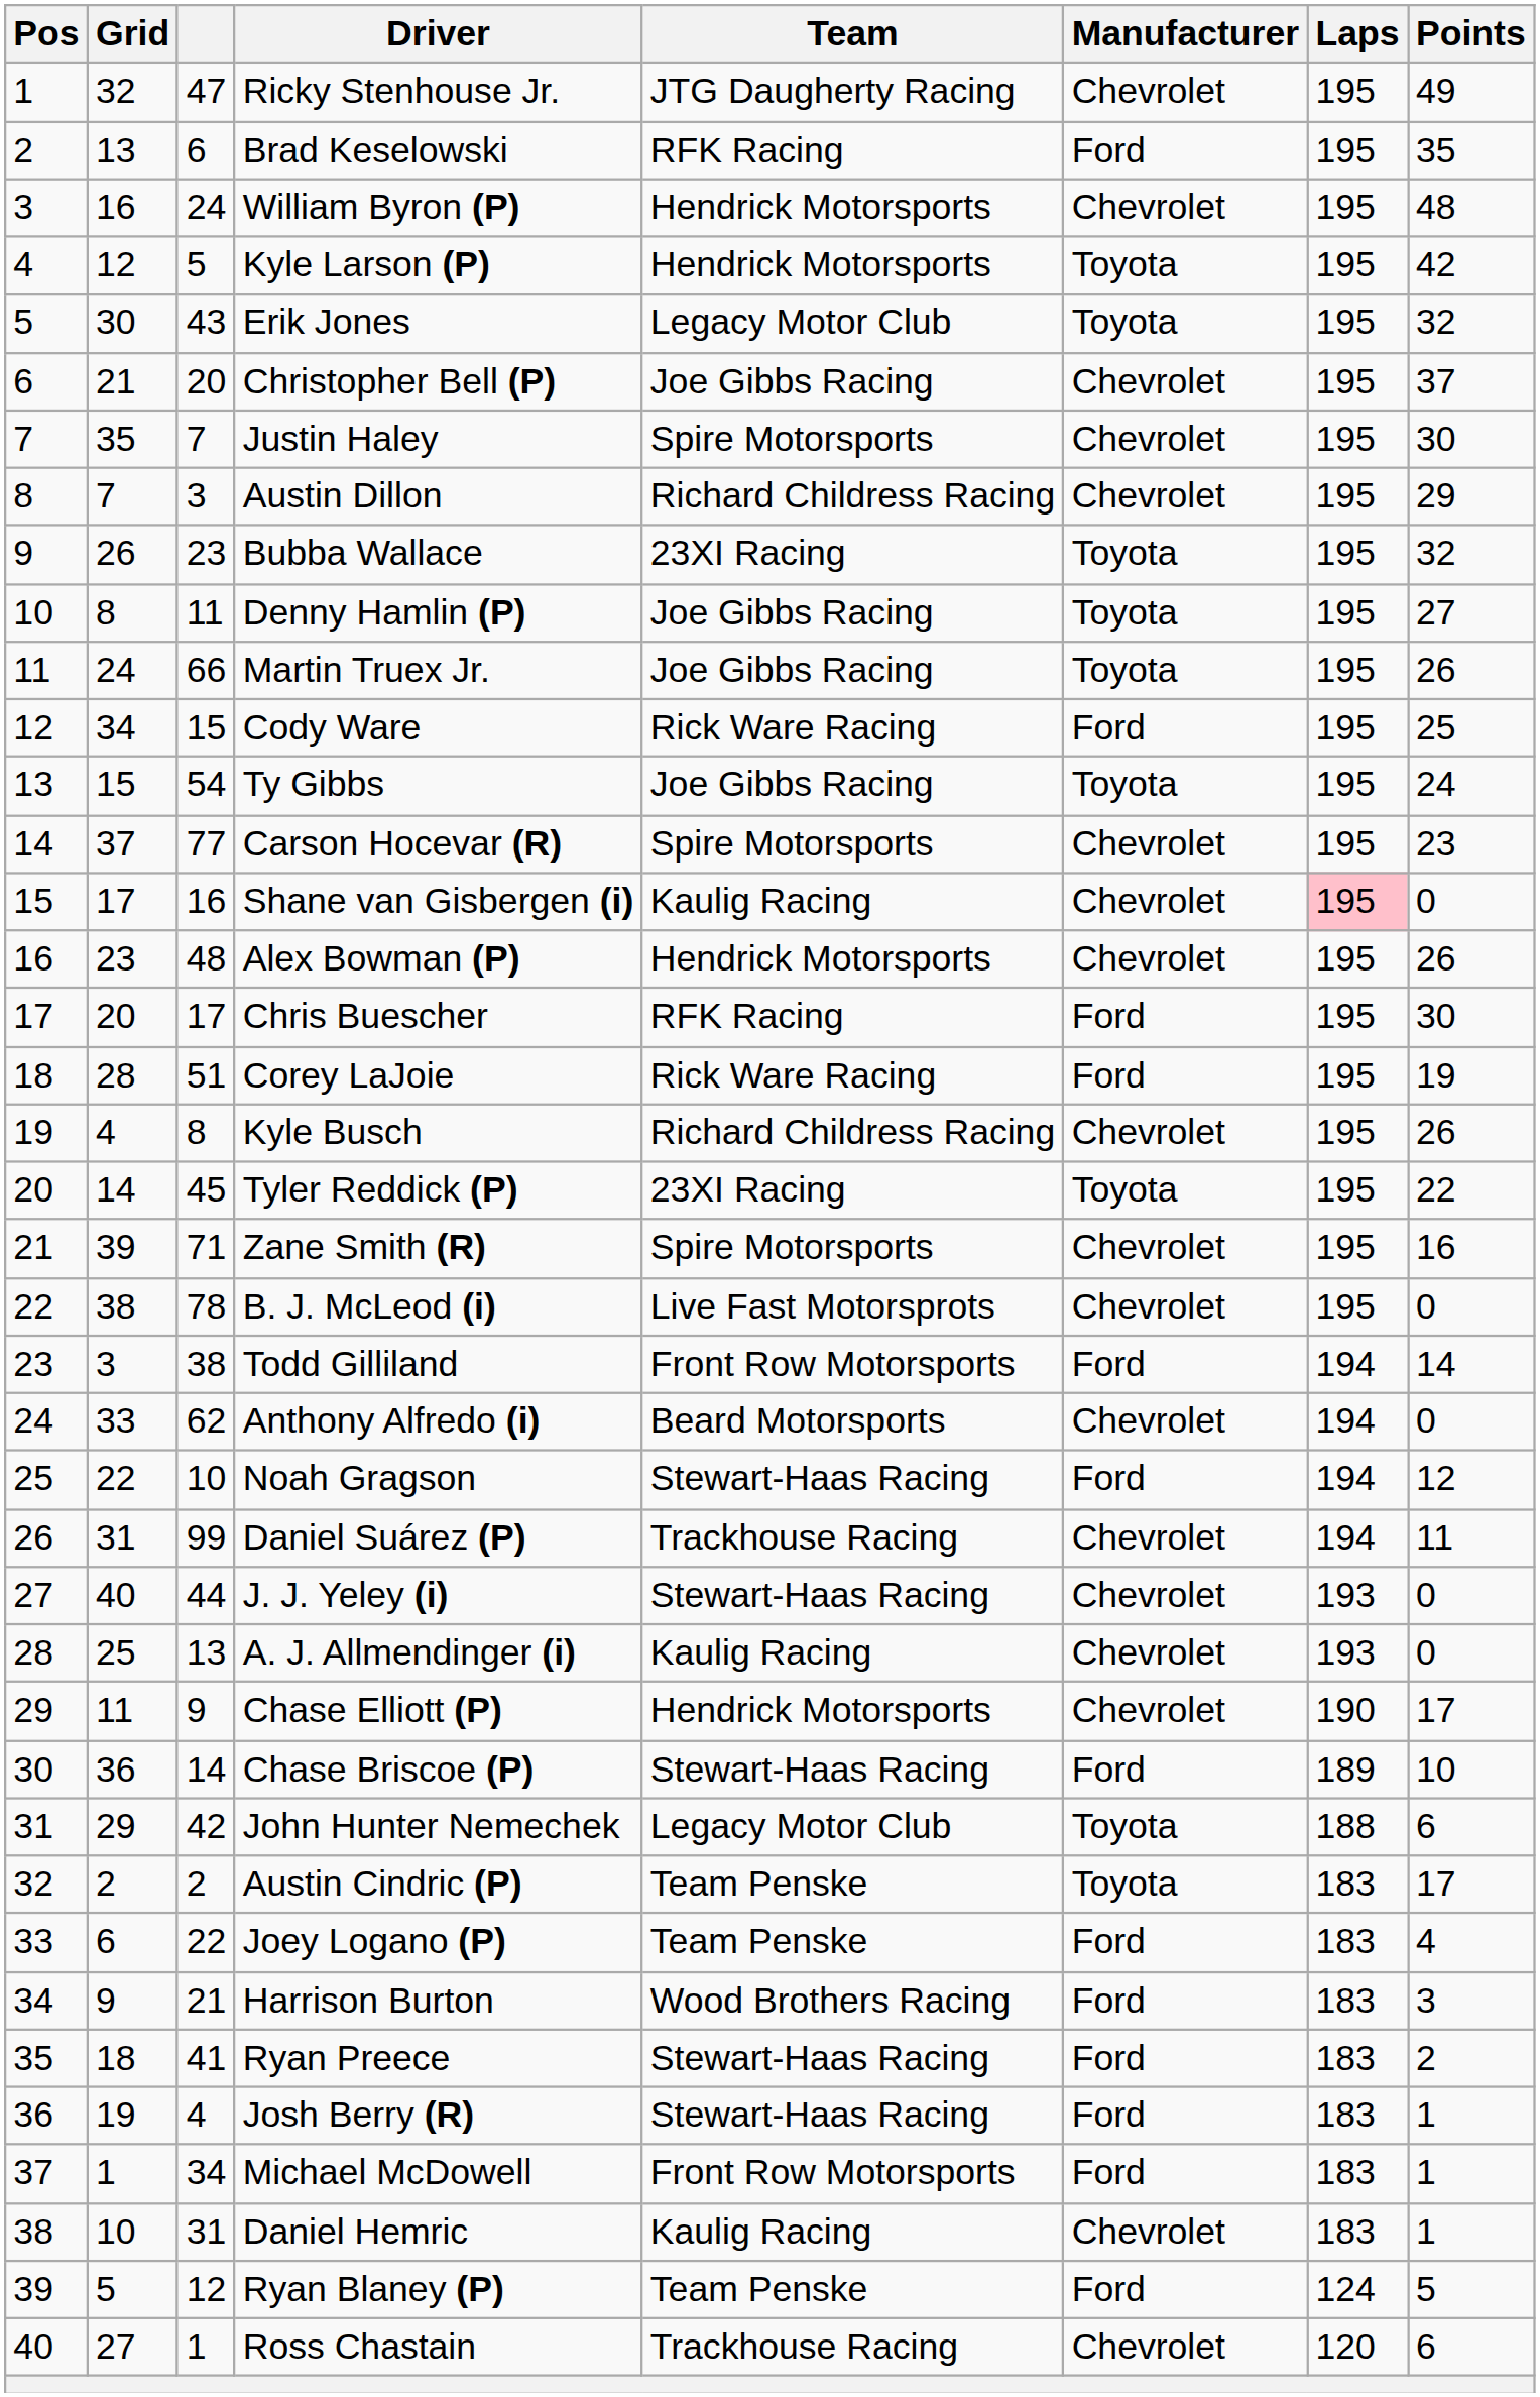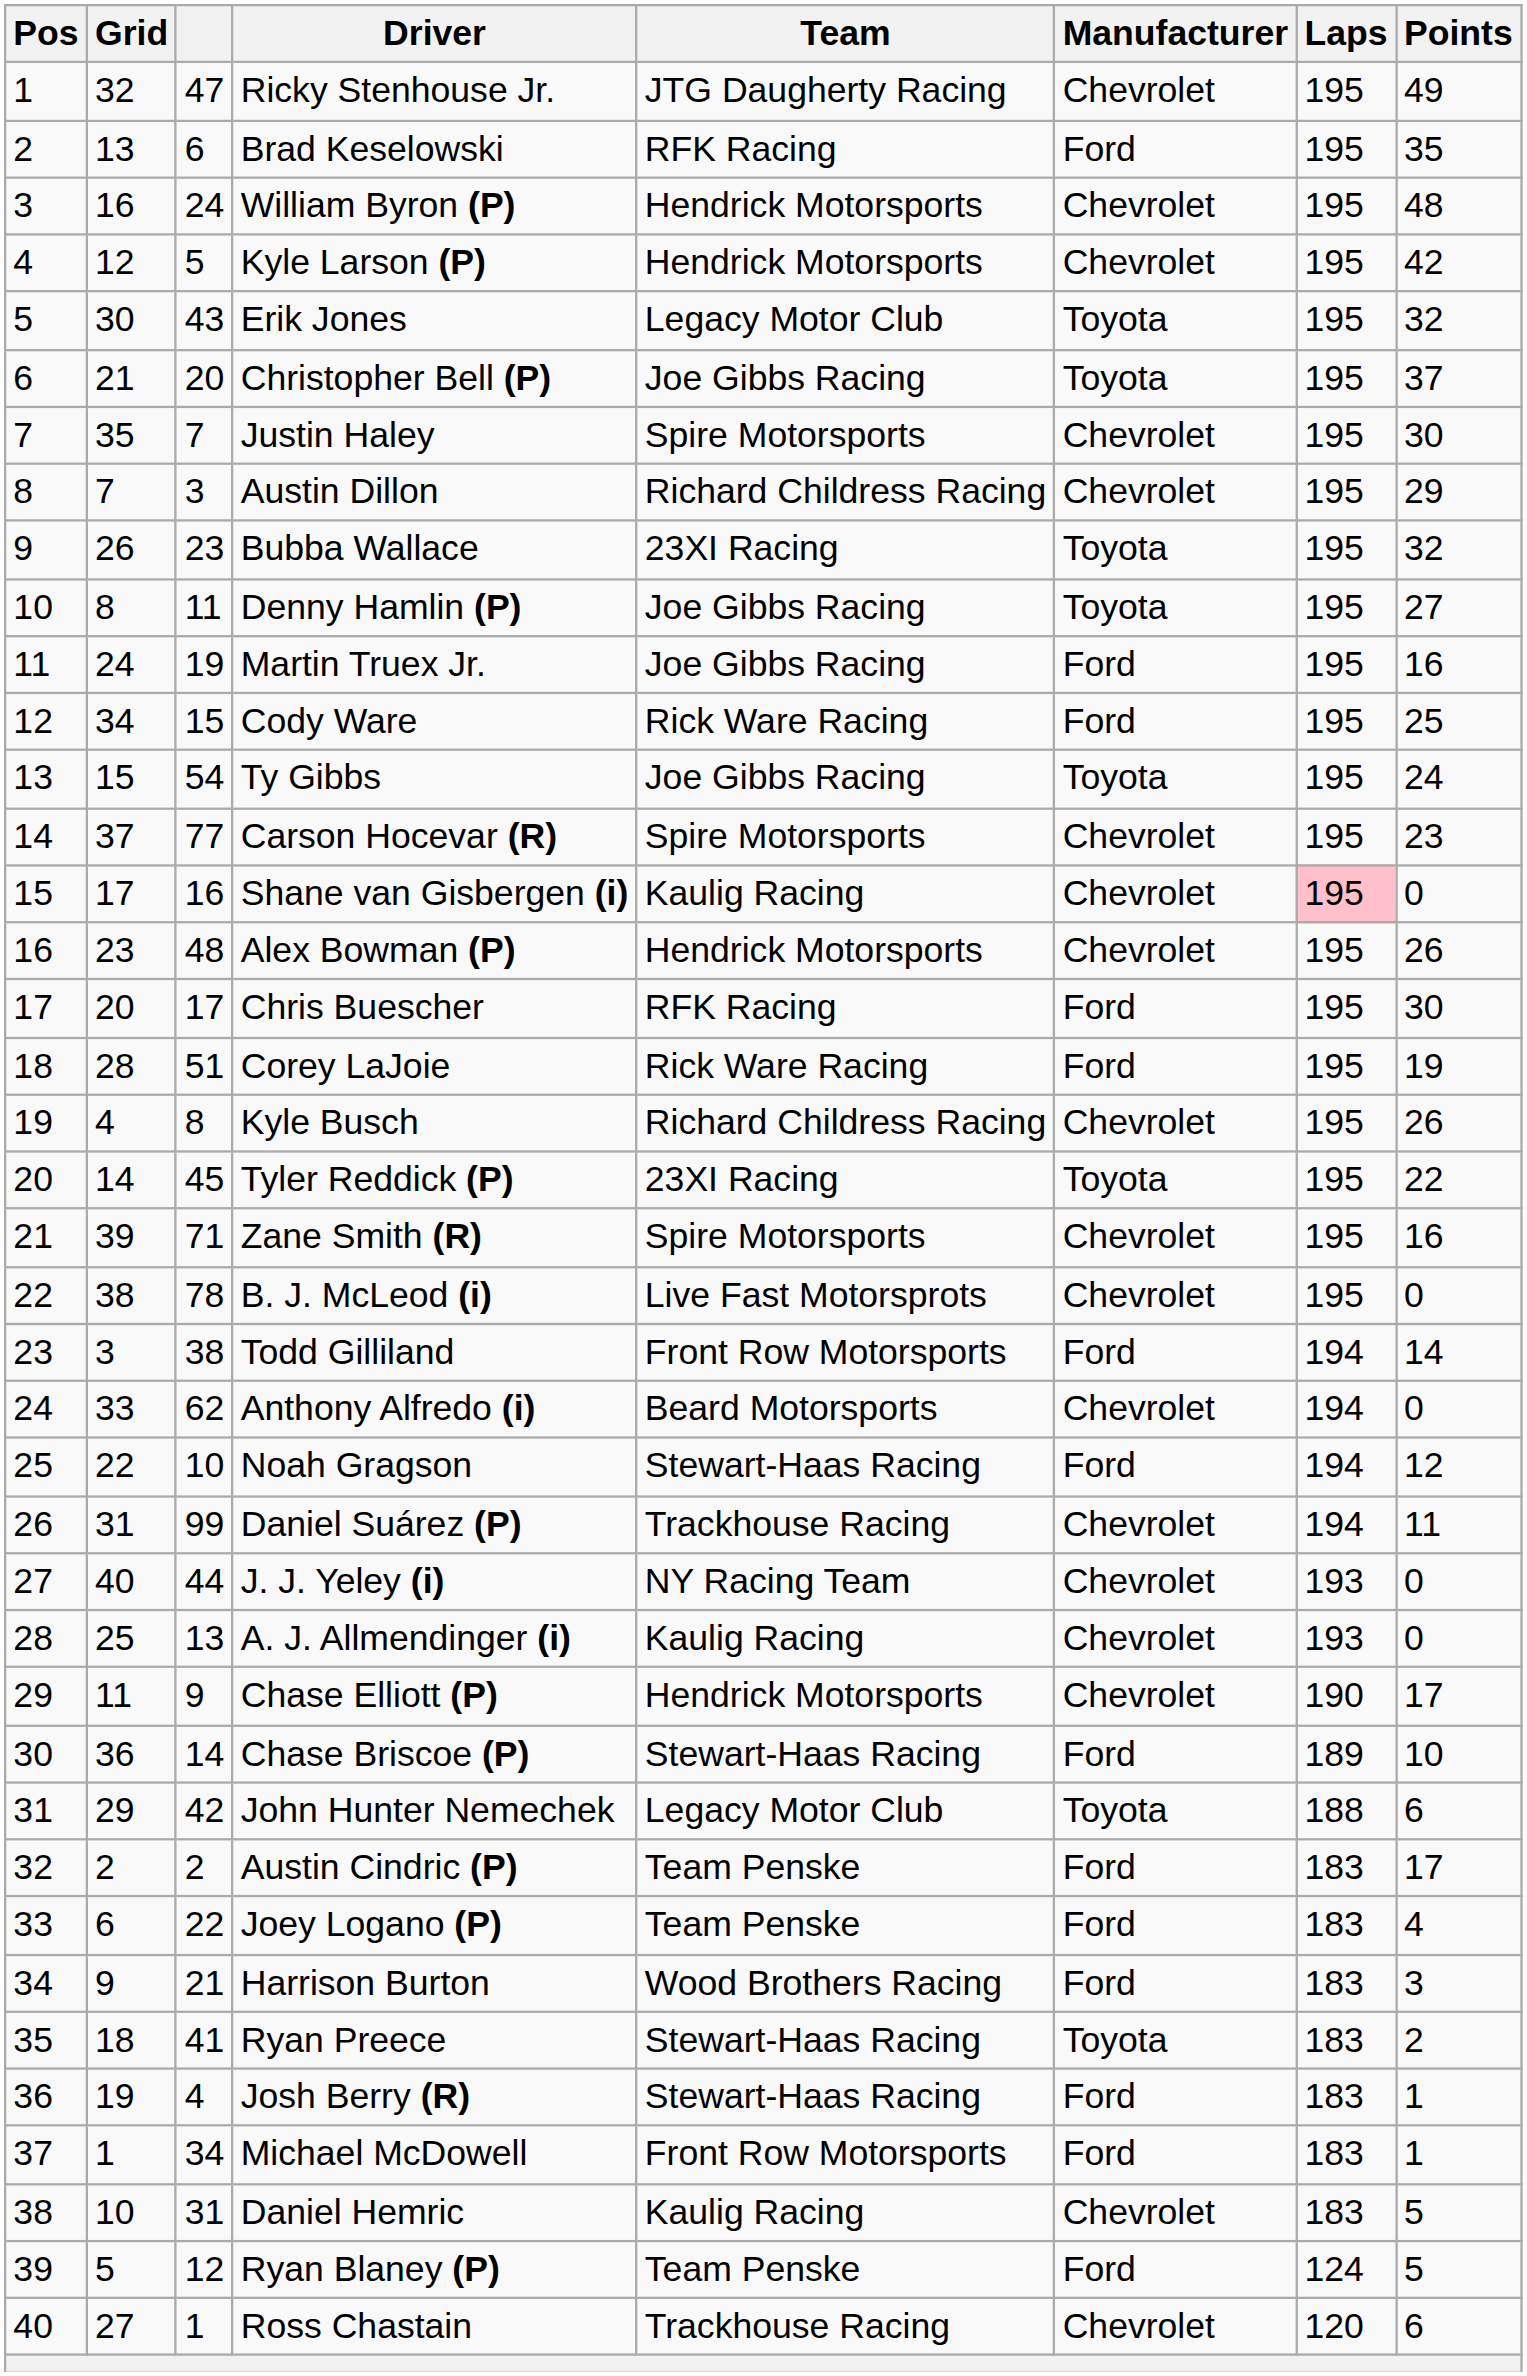 <table class="wikitable" style="font-size:98%">
 <tr>
 <th>Pos</th>
 <th>Grid</th>
 <th></th>
 <th>Driver</th>
 <th>Team</th>
 <th>Manufacturer</th>
 <th>Laps</th>
 <th>Points</th>
 </tr>
 <tr>
 <td>1</td>
 <td>32</td>
 <td>47</td>
 <td>Ricky Stenhouse Jr.</td>
 <td>JTG Daugherty Racing</td>
 <td>Chevrolet</td>
 <td>195</td>
 <td>49</td>
 </tr>
 <tr>
 <td>2</td>
 <td>13</td>
 <td>6</td>
 <td>Brad Keselowski</td>
 <td>RFK Racing</td>
 <td>Ford</td>
 <td>195</td>
 <td>35</td>
 </tr>
 <tr>
 <td>3</td>
 <td>16</td>
 <td>24</td>
 <td>William Byron <strong>(P)</strong></td>
 <td>Hendrick Motorsports</td>
 <td>Chevrolet</td>
 <td>195</td>
 <td>48</td>
 </tr>
 <tr>
 <td>4</td>
 <td>12</td>
 <td>5</td>
 <td>Kyle Larson <strong>(P)</strong></td>
 <td>Hendrick Motorsports</td>
-<td>Toyota</td>
+<td>Chevrolet</td>
 <td>195</td>
 <td>42</td>
 </tr>
 <tr>
 <td>5</td>
 <td>30</td>
 <td>43</td>
 <td>Erik Jones</td>
 <td>Legacy Motor Club</td>
 <td>Toyota</td>
 <td>195</td>
 <td>32</td>
 </tr>
 <tr>
 <td>6</td>
 <td>21</td>
 <td>20</td>
 <td>Christopher Bell <strong>(P)</strong></td>
 <td>Joe Gibbs Racing</td>
-<td>Chevrolet</td>
+<td>Toyota</td>
 <td>195</td>
 <td>37</td>
 </tr>
 <tr>
 <td>7</td>
 <td>35</td>
 <td>7</td>
 <td>Justin Haley</td>
 <td>Spire Motorsports</td>
 <td>Chevrolet</td>
 <td>195</td>
 <td>30</td>
 </tr>
 <tr>
 <td>8</td>
 <td>7</td>
 <td>3</td>
 <td>Austin Dillon</td>
 <td>Richard Childress Racing</td>
 <td>Chevrolet</td>
 <td>195</td>
 <td>29</td>
 </tr>
 <tr>
 <td>9</td>
 <td>26</td>
 <td>23</td>
 <td>Bubba Wallace</td>
 <td>23XI Racing</td>
 <td>Toyota</td>
 <td>195</td>
 <td>32</td>
 </tr>
 <tr>
 <td>10</td>
 <td>8</td>
 <td>11</td>
 <td>Denny Hamlin <strong>(P)</strong></td>
 <td>Joe Gibbs Racing</td>
 <td>Toyota</td>
 <td>195</td>
 <td>27</td>
 </tr>
 <tr>
 <td>11</td>
 <td>24</td>
-<td>66</td>
+<td>19</td>
 <td>Martin Truex Jr.</td>
 <td>Joe Gibbs Racing</td>
-<td>Toyota</td>
+<td>Ford</td>
 <td>195</td>
-<td>26</td>
+<td>16</td>
 </tr>
 <tr>
 <td>12</td>
 <td>34</td>
 <td>15</td>
 <td>Cody Ware</td>
 <td>Rick Ware Racing</td>
 <td>Ford</td>
 <td>195</td>
 <td>25</td>
 </tr>
 <tr>
 <td>13</td>
 <td>15</td>
 <td>54</td>
 <td>Ty Gibbs</td>
 <td>Joe Gibbs Racing</td>
 <td>Toyota</td>
 <td>195</td>
 <td>24</td>
 </tr>
 <tr>
 <td>14</td>
 <td>37</td>
 <td>77</td>
 <td>Carson Hocevar <strong>(R)</strong></td>
 <td>Spire Motorsports</td>
 <td>Chevrolet</td>
 <td>195</td>
 <td>23</td>
 </tr>
 <tr>
 <td>15</td>
 <td>17</td>
 <td>16</td>
 <td>Shane van Gisbergen <strong>(i)</strong></td>
 <td>Kaulig Racing</td>
 <td>Chevrolet</td>
 <td style="background: pink;">195</td>
 <td>0</td>
 </tr>
 <tr>
 <td>16</td>
 <td>23</td>
 <td>48</td>
 <td>Alex Bowman <strong>(P)</strong></td>
 <td>Hendrick Motorsports</td>
 <td>Chevrolet</td>
 <td>195</td>
 <td>26</td>
 </tr>
 <tr>
 <td>17</td>
 <td>20</td>
 <td>17</td>
 <td>Chris Buescher</td>
 <td>RFK Racing</td>
 <td>Ford</td>
 <td>195</td>
 <td>30</td>
 </tr>
 <tr>
 <td>18</td>
 <td>28</td>
 <td>51</td>
 <td>Corey LaJoie</td>
 <td>Rick Ware Racing</td>
 <td>Ford</td>
 <td>195</td>
 <td>19</td>
 </tr>
 <tr>
 <td>19</td>
 <td>4</td>
 <td>8</td>
 <td>Kyle Busch</td>
 <td>Richard Childress Racing</td>
 <td>Chevrolet</td>
 <td>195</td>
 <td>26</td>
 </tr>
 <tr>
 <td>20</td>
 <td>14</td>
 <td>45</td>
 <td>Tyler Reddick <strong>(P)</strong></td>
 <td>23XI Racing</td>
 <td>Toyota</td>
 <td>195</td>
 <td>22</td>
 </tr>
 <tr>
 <td>21</td>
 <td>39</td>
 <td>71</td>
 <td>Zane Smith <strong>(R)</strong></td>
 <td>Spire Motorsports</td>
 <td>Chevrolet</td>
 <td>195</td>
 <td>16</td>
 </tr>
 <tr>
 <td>22</td>
 <td>38</td>
 <td>78</td>
 <td>B. J. McLeod <strong>(i)</strong></td>
 <td>Live Fast Motorsprots</td>
 <td>Chevrolet</td>
 <td>195</td>
 <td>0</td>
 </tr>
 <tr>
 <td>23</td>
 <td>3</td>
 <td>38</td>
 <td>Todd Gilliland</td>
 <td>Front Row Motorsports</td>
 <td>Ford</td>
 <td>194</td>
 <td>14</td>
 </tr>
 <tr>
 <td>24</td>
 <td>33</td>
 <td>62</td>
 <td>Anthony Alfredo <strong>(i)</strong></td>
 <td>Beard Motorsports</td>
 <td>Chevrolet</td>
 <td>194</td>
 <td>0</td>
 </tr>
 <tr>
 <td>25</td>
 <td>22</td>
 <td>10</td>
 <td>Noah Gragson</td>
 <td>Stewart-Haas Racing</td>
 <td>Ford</td>
 <td>194</td>
 <td>12</td>
 </tr>
 <tr>
 <td>26</td>
 <td>31</td>
 <td>99</td>
 <td>Daniel Suárez <strong>(P)</strong></td>
 <td>Trackhouse Racing</td>
 <td>Chevrolet</td>
 <td>194</td>
 <td>11</td>
 </tr>
 <tr>
 <td>27</td>
 <td>40</td>
 <td>44</td>
 <td>J. J. Yeley <strong>(i)</strong></td>
-<td>Stewart-Haas Racing</td>
+<td>NY Racing Team</td>
 <td>Chevrolet</td>
 <td>193</td>
 <td>0</td>
 </tr>
 <tr>
 <td>28</td>
 <td>25</td>
 <td>13</td>
 <td>A. J. Allmendinger <strong>(i)</strong></td>
 <td>Kaulig Racing</td>
 <td>Chevrolet</td>
 <td>193</td>
 <td>0</td>
 </tr>
 <tr>
 <td>29</td>
 <td>11</td>
 <td>9</td>
 <td>Chase Elliott <strong>(P)</strong></td>
 <td>Hendrick Motorsports</td>
 <td>Chevrolet</td>
 <td>190</td>
 <td>17</td>
 </tr>
 <tr>
 <td>30</td>
 <td>36</td>
 <td>14</td>
 <td>Chase Briscoe <strong>(P)</strong></td>
 <td>Stewart-Haas Racing</td>
 <td>Ford</td>
 <td>189</td>
 <td>10</td>
 </tr>
 <tr>
 <td>31</td>
 <td>29</td>
 <td>42</td>
 <td>John Hunter Nemechek</td>
 <td>Legacy Motor Club</td>
 <td>Toyota</td>
 <td>188</td>
 <td>6</td>
 </tr>
 <tr>
 <td>32</td>
 <td>2</td>
 <td>2</td>
 <td>Austin Cindric <strong>(P)</strong></td>
 <td>Team Penske</td>
-<td>Toyota</td>
+<td>Ford</td>
 <td>183</td>
 <td>17</td>
 </tr>
 <tr>
 <td>33</td>
 <td>6</td>
 <td>22</td>
 <td>Joey Logano <strong>(P)</strong></td>
 <td>Team Penske</td>
 <td>Ford</td>
 <td>183</td>
 <td>4</td>
 </tr>
 <tr>
 <td>34</td>
 <td>9</td>
 <td>21</td>
 <td>Harrison Burton</td>
 <td>Wood Brothers Racing</td>
 <td>Ford</td>
 <td>183</td>
 <td>3</td>
 </tr>
 <tr>
 <td>35</td>
 <td>18</td>
 <td>41</td>
 <td>Ryan Preece</td>
 <td>Stewart-Haas Racing</td>
-<td>Ford</td>
+<td>Toyota</td>
 <td>183</td>
 <td>2</td>
 </tr>
 <tr>
 <td>36</td>
 <td>19</td>
 <td>4</td>
 <td>Josh Berry <strong>(R)</strong></td>
 <td>Stewart-Haas Racing</td>
 <td>Ford</td>
 <td>183</td>
 <td>1</td>
 </tr>
 <tr>
 <td>37</td>
 <td>1</td>
 <td>34</td>
 <td>Michael McDowell</td>
 <td>Front Row Motorsports</td>
 <td>Ford</td>
 <td>183</td>
 <td>1</td>
 </tr>
 <tr>
 <td>38</td>
 <td>10</td>
 <td>31</td>
 <td>Daniel Hemric</td>
 <td>Kaulig Racing</td>
 <td>Chevrolet</td>
 <td>183</td>
-<td>1</td>
+<td>5</td>
 </tr>
 <tr>
 <td>39</td>
 <td>5</td>
 <td>12</td>
 <td>Ryan Blaney <strong>(P)</strong></td>
 <td>Team Penske</td>
 <td>Ford</td>
 <td>124</td>
 <td>5</td>
 </tr>
 <tr>
 <td>40</td>
 <td>27</td>
 <td>1</td>
 <td>Ross Chastain</td>
 <td>Trackhouse Racing</td>
 <td>Chevrolet</td>
 <td>120</td>
 <td>6</td>
 </tr>
 <tr>
 <th colspan="8"></th>
 </tr>
 </table>
